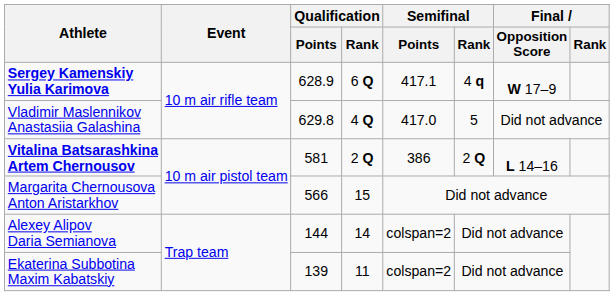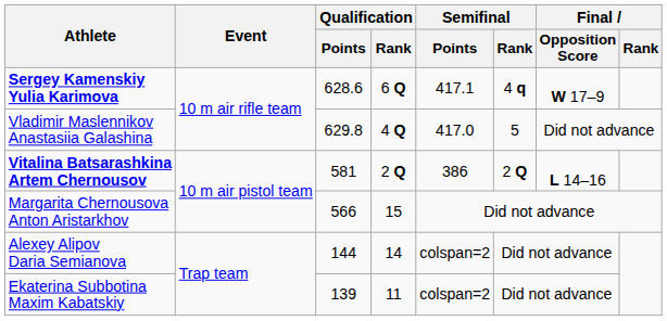 <table class="wikitable" style="text-align:center; font-size:90%">
 <tr>
 <th rowspan=2>Athlete</th>
 <th rowspan=2>Event</th>
 <th colspan=2>Qualification</th>
 <th colspan=2>Semifinal</th>
 <th colspan=2>Final / </th>
 </tr>
 <tr style="font-size:95%">
 <th>Points</th>
 <th>Rank</th>
 <th>Points</th>
 <th>Rank</th>
 <th>Opposition<br>Score</th>
 <th>Rank</th>
 </tr>
 <tr>
 <td align=left><strong><a href='#'>Sergey Kamenskiy</a><br><a href='#'>Yulia Karimova</a></strong></td>
 <td rowspan=2 align=left><a href='#'>10 m air rifle team</a></td>
-<td>628.9</td>
+<td>628.6</td>
 <td>6 <strong>Q</strong></td>
 <td>417.1</td>
 <td>4 <strong>q</strong></td>
 <td><br><strong>W</strong> 17–9</td>
 <td></td>
 </tr>
 <tr>
 <td align=left><a href='#'>Vladimir Maslennikov</a><br><a href='#'>Anastasiia Galashina</a></td>
 <td>629.8</td>
 <td>4 <strong>Q</strong></td>
 <td>417.0</td>
 <td>5</td>
 <td colspan=2>Did not advance</td>
 </tr>
 <tr>
 <td align=left><strong><a href='#'>Vitalina Batsarashkina</a><br><a href='#'>Artem Chernousov</a></strong></td>
 <td rowspan=2 align=left><a href='#'>10 m air pistol team</a></td>
 <td>581</td>
 <td>2 <strong>Q</strong></td>
 <td>386</td>
 <td>2 <strong>Q</strong></td>
 <td><br><strong>L</strong> 14–16</td>
 <td></td>
 </tr>
 <tr>
 <td align=left><a href='#'>Margarita Chernousova</a><br><a href='#'>Anton Aristarkhov</a></td>
 <td>566</td>
 <td>15</td>
 <td colspan=4>Did not advance</td>
 </tr>
 <tr>
 <td align=left><a href='#'>Alexey Alipov</a><br><a href='#'>Daria Semianova</a></td>
 <td rowspan=2 align=left><a href='#'>Trap team</a></td>
 <td>144</td>
 <td>14</td>
 <td>colspan=2 </td>
 <td colspan=2>Did not advance</td>
 </tr>
 <tr>
 <td align=left><a href='#'>Ekaterina Subbotina</a><br><a href='#'>Maxim Kabatskiy</a></td>
 <td>139</td>
 <td>11</td>
 <td>colspan=2 </td>
 <td colspan=2>Did not advance</td>
 </tr>
 </table>
